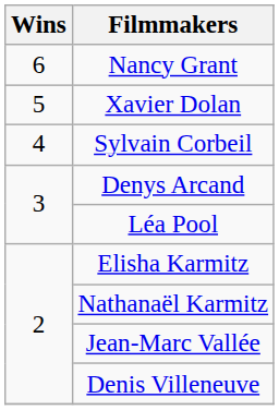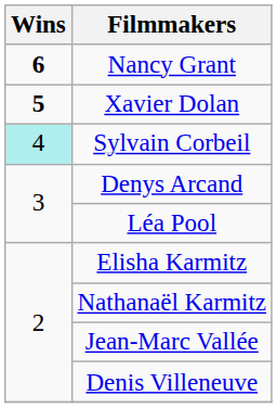 <table class="wikitable" style="text-align:center;">
 <tr>
 <th scope="col" width="17">Wins</th>
 <th scope="col" align="center">Filmmakers</th>
 </tr>
 <tr>
-<td rowspan="1" style="text-align:center;">6</td>
+<td rowspan="1" style="text-align:center;"><strong>6</strong></td>
 <td><a href='#'>Nancy Grant</a></td>
 </tr>
 <tr>
-<td rowspan="1" style="text-align:center;">5</td>
+<td rowspan="1" style="text-align:center;"><strong>5</strong></td>
 <td><a href='#'>Xavier Dolan</a></td>
 </tr>
 <tr>
-<td rowspan="1" style="text-align:center;">4</td>
+<td rowspan="1" style="background: paleturquoise; text-align:center;">4</td>
 <td><a href='#'>Sylvain Corbeil</a></td>
 </tr>
 <tr>
 <td rowspan="2" style="text-align:center;">3</td>
 <td><a href='#'>Denys Arcand</a></td>
 </tr>
 <tr>
 <td><a href='#'>Léa Pool</a></td>
 </tr>
 <tr>
 <td rowspan="4" style="text-align:center;">2</td>
 <td><a href='#'>Elisha Karmitz</a></td>
 </tr>
 <tr>
 <td><a href='#'>Nathanaël Karmitz</a></td>
 </tr>
 <tr>
 <td><a href='#'>Jean-Marc Vallée</a></td>
 </tr>
 <tr>
 <td><a href='#'>Denis Villeneuve</a></td>
 </tr>
 <tr>
 </tr>
 </table>
